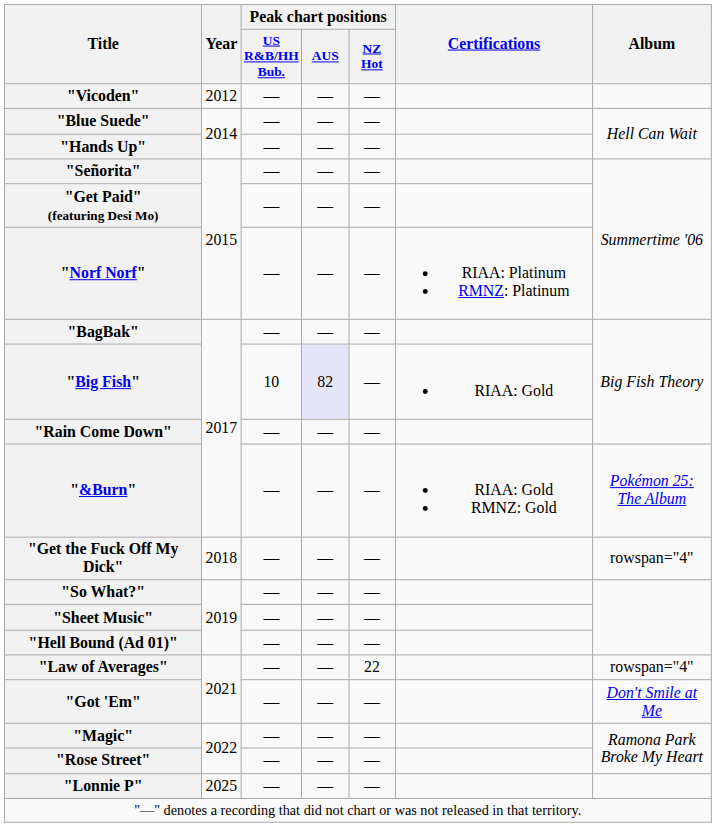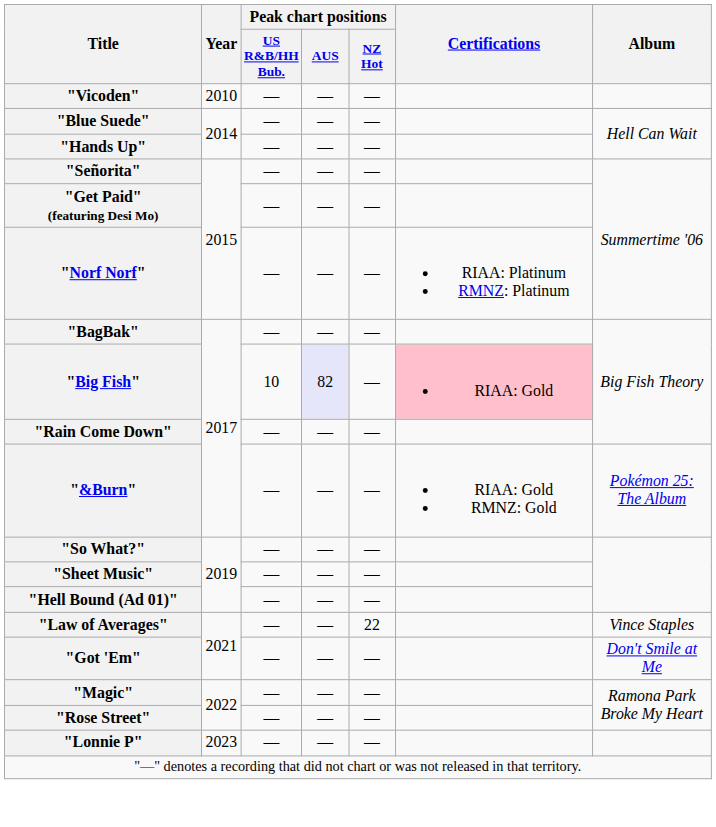 <table class="wikitable plainrowheaders" style="text-align:center;">
 <tr>
 <th scope="col" rowspan="2" style="width:12em;">Title</th>
 <th scope="col" rowspan="2" style="width:2em;">Year</th>
 <th scope="col" colspan="3">Peak chart positions</th>
 <th scope="col" rowspan="2" style="width:12em;"><a href='#'>Certifications</a></th>
 <th scope="col" rowspan="2" style="width:7em;">Album</th>
 </tr>
 <tr>
 <th scope="col" style="width:3em;font-size:85%;"><a href='#'>US<br>R&B/HH<br>Bub.</a><br></th>
 <th scope="col" style="width:3em;font-size:85%;"><a href='#'>AUS</a><br></th>
 <th scope="col" style="width:3em;font-size:85%;"><a href='#'>NZ<br>Hot</a><br></th>
 </tr>
 <tr>
 <th scope="row">"Vicoden"</th>
-<td>2012</td>
+<td>2010</td>
 <td>—</td>
 <td>—</td>
 <td>—</td>
 <td></td>
 <td></td>
 </tr>
 <tr>
 <th scope="row">"Blue Suede"</th>
 <td rowspan="2">2014</td>
 <td>—</td>
 <td>—</td>
 <td>—</td>
 <td></td>
 <td rowspan="2"><em>Hell Can Wait</em></td>
 </tr>
 <tr>
 <th scope="row">"Hands Up"</th>
 <td>—</td>
 <td>—</td>
 <td>—</td>
 <td></td>
 </tr>
 <tr>
 <th scope="row">"Señorita"</th>
 <td rowspan="3">2015</td>
 <td>—</td>
 <td>—</td>
 <td>—</td>
 <td></td>
 <td rowspan="3"><em>Summertime '06</em></td>
 </tr>
 <tr>
 <th scope="row">"Get Paid"<br><small>(featuring Desi Mo)</small></th>
 <td>—</td>
 <td>—</td>
 <td>—</td>
 <td></td>
 </tr>
 <tr>
 <th scope="row">"<a href='#'>Norf Norf</a>"</th>
 <td>—</td>
 <td>—</td>
 <td>—</td>
 <td><br><ul><li>RIAA: Platinum</li><li><a href='#'>RMNZ</a>: Platinum</li></ul></td>
 </tr>
 <tr>
 <th scope="row">"BagBak"</th>
 <td rowspan="4">2017</td>
 <td>—</td>
 <td>—</td>
 <td>—</td>
 <td></td>
 <td rowspan="3"><em>Big Fish Theory</em></td>
 </tr>
 <tr>
 <th scope="row">"<a href='#'>Big Fish</a>"</th>
 <td>10</td>
 <td style="background: lavender;">82</td>
 <td>—</td>
-<td><br><ul><li>RIAA: Gold</li></ul></td>
+<td style="background: pink;"><br><ul><li>RIAA: Gold</li></ul></td>
 </tr>
 <tr>
 <th scope="row">"Rain Come Down"</th>
 <td>—</td>
 <td>—</td>
 <td>—</td>
 <td></td>
 </tr>
 <tr>
 <th scope="row">"<a href='#'>&Burn</a>"<br></th>
 <td>—</td>
 <td>—</td>
 <td>—</td>
 <td><br><ul><li>RIAA: Gold</li><li>RMNZ: Gold</li></ul></td>
 <td><em><a href='#'>Pokémon 25: The Album</a></em></td>
-</tr>
-<tr>
-<th scope="row">"Get the Fuck Off My Dick"</th>
-<td>2018</td>
-<td>—</td>
-<td>—</td>
-<td>—</td>
-<td></td>
-<td>rowspan="4" </td>
 </tr>
 <tr>
 <th scope="row">"So What?"</th>
 <td rowspan="3">2019</td>
 <td>—</td>
 <td>—</td>
 <td>—</td>
 <td></td>
 </tr>
 <tr>
 <th scope="row">"Sheet Music"</th>
 <td>—</td>
 <td>—</td>
 <td>—</td>
 <td></td>
 </tr>
 <tr>
 <th scope="row">"Hell Bound (Ad 01)"</th>
 <td>—</td>
 <td>—</td>
 <td>—</td>
 <td></td>
 </tr>
 <tr>
 <th scope="row">"Law of Averages"</th>
 <td rowspan="2">2021</td>
 <td>—</td>
 <td>—</td>
 <td>22</td>
 <td></td>
-<td>rowspan="4" </td>
+<td><em>Vince Staples</em></td>
 </tr>
 <tr>
 <th scope="row">"Got 'Em"</th>
 <td>—</td>
 <td>—</td>
 <td>—</td>
 <td></td>
 <td><em><a href='#'>Don't Smile at Me</a></em></td>
 </tr>
 <tr>
 <th scope="row">"Magic"<br></th>
 <td rowspan="2">2022</td>
 <td>—</td>
 <td>—</td>
 <td>—</td>
 <td></td>
 <td rowspan="2"><em>Ramona Park Broke My Heart</em></td>
 </tr>
 <tr>
 <th scope="row">"Rose Street"</th>
 <td>—</td>
 <td>—</td>
 <td>—</td>
 <td></td>
 </tr>
 <tr>
 <th scope="row">"Lonnie P"<br></th>
-<td>2025</td>
+<td>2023</td>
 <td>—</td>
 <td>—</td>
 <td>—</td>
 <td></td>
 <td></td>
 </tr>
 <tr>
 <td colspan="7" style="font-size:90%">"—" denotes a recording that did not chart or was not released in that territory.</td>
 </tr>
 </table>
